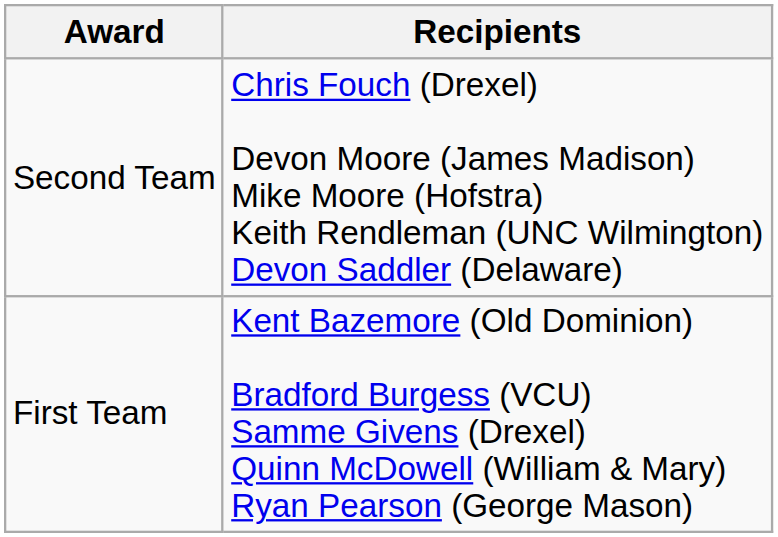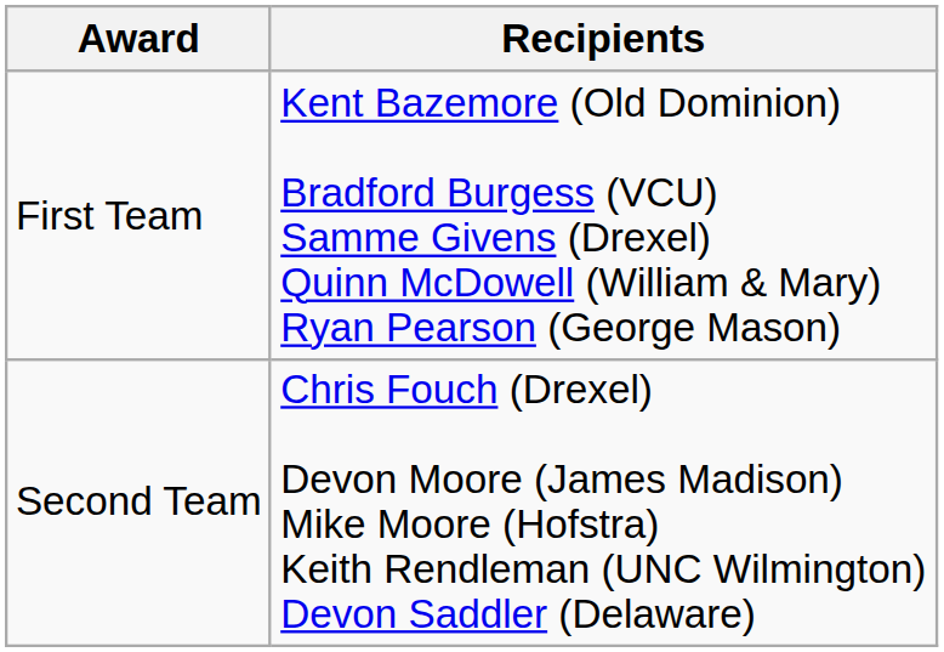 <table class="wikitable" style="white-space:nowrap; font-size:90%;">
 <tr>
 <th>Award</th>
 <th>Recipients</th>
 </tr>
 <tr>
+<td>First Team</td>
+<td><a href='#'>Kent Bazemore</a> (Old Dominion)<br><br><a href='#'>Bradford Burgess</a> (VCU)<br> <a href='#'>Samme Givens</a> (Drexel)<br> <a href='#'>Quinn McDowell</a> (William & Mary)<br> <a href='#'>Ryan Pearson</a> (George Mason)<br></td>
+</tr>
+<tr>
 <td>Second Team</td>
 <td><a href='#'>Chris Fouch</a> (Drexel)<br><br>Devon Moore (James Madison)<br> Mike Moore (Hofstra)<br> Keith Rendleman (UNC Wilmington)<br> <a href='#'>Devon Saddler</a> (Delaware)</td>
 </tr>
-<tr>
-<td>First Team</td>
-<td><a href='#'>Kent Bazemore</a> (Old Dominion)<br><br><a href='#'>Bradford Burgess</a> (VCU)<br> <a href='#'>Samme Givens</a> (Drexel)<br> <a href='#'>Quinn McDowell</a> (William & Mary)<br> <a href='#'>Ryan Pearson</a> (George Mason)<br></td>
-</tr>
 </table>
